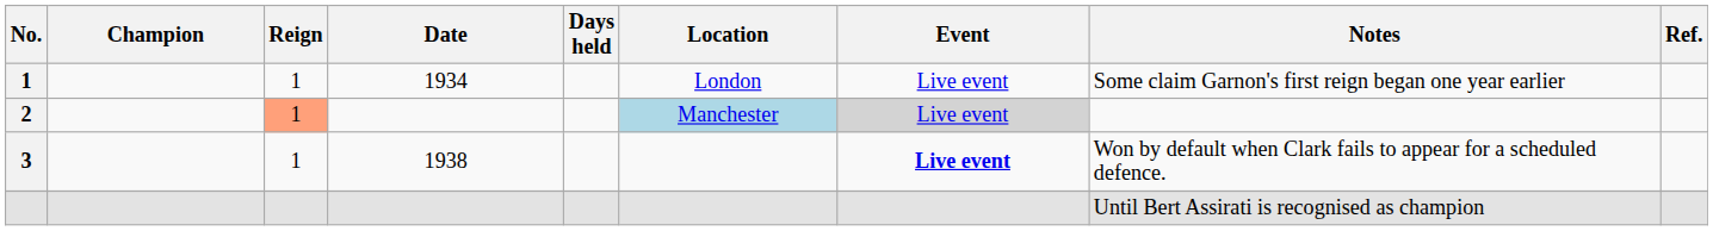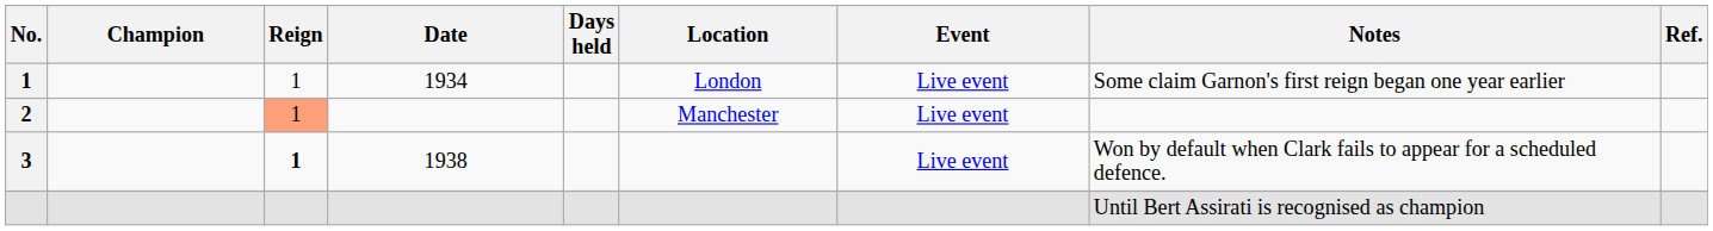 <table class="wikitable sortable" style="text-align: center" width=100%>
 <tr>
 <th width=0 data-sort-type="number">No.</th>
 <th width=14%>Champion</th>
 <th width=0>Reign</th>
 <th width=16%>Date</th>
 <th width=0 data-sort-type="number">Days held</th>
 <th width=14%>Location</th>
 <th width=17%>Event</th>
 <th width=51% class="unsortable">Notes</th>
 <th width=0 class="unsortable">Ref.</th>
 </tr>
 <tr>
 <th>1</th>
 <td></td>
 <td>1</td>
 <td>1934</td>
 <td></td>
 <td><a href='#'>London</a></td>
 <td><a href='#'>Live event</a></td>
 <td align=left>Some claim Garnon's first reign began one year earlier</td>
 <td> </td>
 </tr>
 <tr>
 <th>2</th>
 <td></td>
 <td style="background: lightsalmon;">1</td>
 <td></td>
 <td></td>
-<td style="background: lightblue;"><a href='#'>Manchester</a></td>
-<td style="background: lightgrey;"><a href='#'>Live event</a></td>
+<td><a href='#'>Manchester</a></td>
+<td><a href='#'>Live event</a></td>
 <td align=left> </td>
 <td> </td>
 </tr>
 <tr>
 <th>3</th>
 <td></td>
-<td>1</td>
+<td><strong>1</strong></td>
 <td>1938</td>
 <td></td>
 <td></td>
-<td><strong><a href='#'>Live event</a></strong></td>
+<td><a href='#'>Live event</a></td>
 <td align=left>Won by default when Clark fails to appear for a scheduled defence.</td>
 <td> </td>
 </tr>
 <tr>
 </tr>
 <tr style="background-color:#e3e3e3">
 <td></td>
 <td></td>
 <td></td>
 <td></td>
 <td></td>
 <td></td>
 <td></td>
 <td align=left>Until Bert Assirati is recognised as champion</td>
 <td> </td>
 </tr>
 </table>
